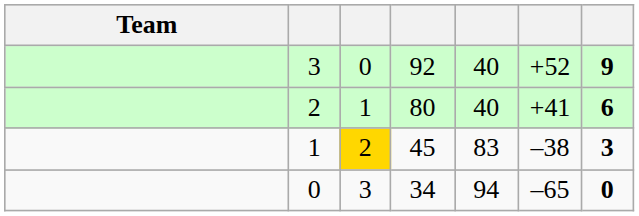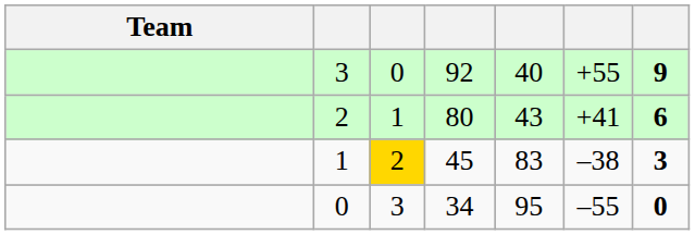 <table class="wikitable" style="text-align:center;">
 <tr>
 <th style="width:10.5em;">Team</th>
 <th style="width:1.5em;"></th>
 <th style="width:1.5em;"></th>
 <th style="width:2.0em;"></th>
 <th style="width:2.0em;"></th>
 <th style="width:2.0em;"></th>
 <th style="width:1.5em;"></th>
 </tr>
 <tr bgcolor="#cfc">
 <td align="left"></td>
 <td>3</td>
 <td>0</td>
 <td>92</td>
 <td>40</td>
-<td>+52</td>
+<td>+55</td>
 <td><strong>9</strong></td>
 </tr>
 <tr bgcolor="#cfc">
 <td align="left"></td>
 <td>2</td>
 <td>1</td>
 <td>80</td>
-<td>40</td>
+<td>43</td>
 <td>+41</td>
 <td><strong>6</strong></td>
 </tr>
 <tr>
 <td align="left"></td>
 <td>1</td>
 <td style="background: gold;">2</td>
 <td>45</td>
 <td>83</td>
 <td>–38</td>
 <td><strong>3</strong></td>
 </tr>
 <tr>
 <td align="left"></td>
 <td>0</td>
 <td>3</td>
 <td>34</td>
-<td>94</td>
-<td>–65</td>
+<td>95</td>
+<td>–55</td>
 <td><strong>0</strong></td>
 </tr>
 </table>
